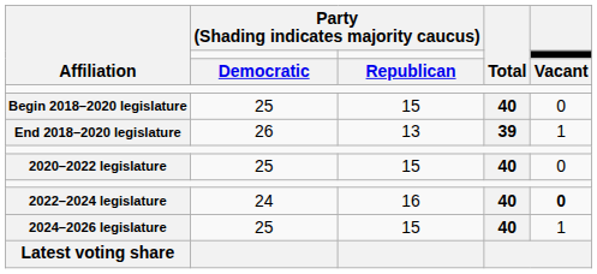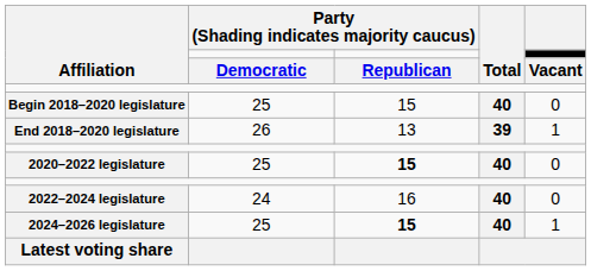 <table class="wikitable" style="text-align:center">
 <tr style="vertical-align:bottom;">
 <th rowspan="3">Affiliation</th>
 <th colspan="2">Party <div>(Shading indicates majority caucus)</div></th>
 <th rowspan="3">Total</th>
 <th></th>
 </tr>
 <tr style="height:5px">
 <td style="background-color:"></td>
 <td style="background-color:"></td>
 <td style="background-color:black"></td>
 </tr>
 <tr>
 <th><a href='#'>Democratic</a></th>
 <th><a href='#'>Republican</a></th>
 <th>Vacant</th>
 </tr>
 <tr>
 <td colspan="5"></td>
 </tr>
 <tr>
 <th nowrap="" style="font-size:80%">Begin 2018–2020 legislature</th>
 <td>25</td>
 <td>15</td>
 <th>40</th>
 <td>0</td>
 </tr>
 <tr>
 <th nowrap="" style="font-size:80%">End 2018–2020 legislature</th>
 <td>26</td>
 <td>13</td>
 <th>39</th>
 <td>1</td>
 </tr>
 <tr>
 <td colspan="5"></td>
 </tr>
 <tr>
 <th nowrap="" style="font-size:80%">2020–2022 legislature</th>
 <td>25</td>
-<td>15</td>
+<td><strong>15</strong></td>
 <th>40</th>
 <td>0</td>
 </tr>
 <tr>
 <td colspan="5"></td>
 </tr>
 <tr>
 <th nowrap="" style="font-size:80%">2022–2024 legislature</th>
 <td>24</td>
 <td>16</td>
 <th>40</th>
-<td><strong>0</strong></td>
+<td>0</td>
 </tr>
 <tr>
 <th nowrap="" style="font-size:80%">2024–2026 legislature</th>
 <td>25</td>
-<td>15</td>
+<td><strong>15</strong></td>
 <th>40</th>
 <td>1</td>
 </tr>
 <tr>
 <th>Latest voting share</th>
 <th></th>
 <th></th>
 <th colspan="2"></th>
 </tr>
 </table>
